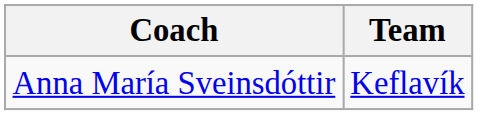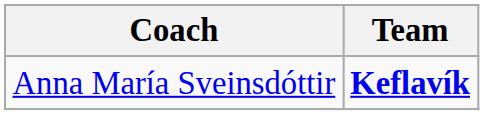 <table class="wikitable">
 <tr>
 <th align="center">Coach</th>
 <th align="center">Team</th>
 </tr>
 <tr>
 <td> <a href='#'>Anna María Sveinsdóttir</a></td>
-<td><a href='#'>Keflavík</a></td>
+<td><strong><a href='#'>Keflavík</a></strong></td>
 </tr>
 </table>
